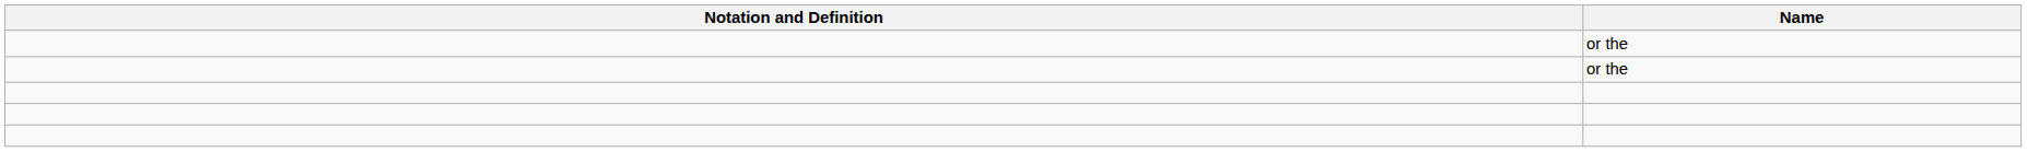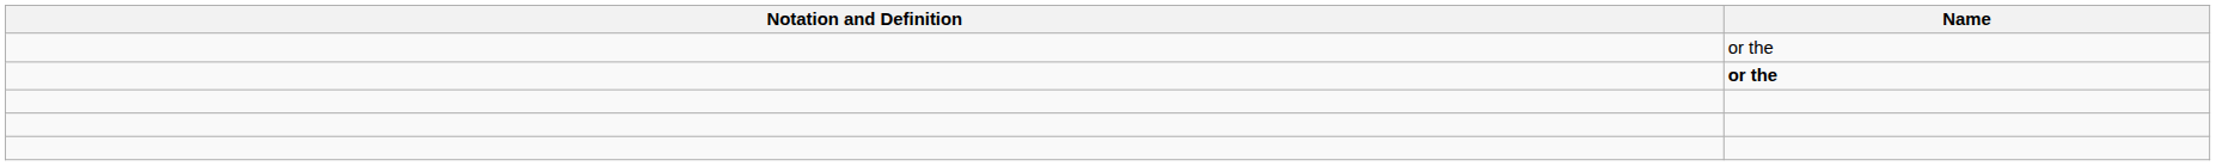 <table class="wikitable" style="width: 100%;">
 <tr>
 <th>Notation and Definition</th>
 <th>Name</th>
 </tr>
 <tr>
 <td style="padding:0.5% 0 0.5% 2em;"></td>
 <td> or the </td>
 </tr>
 <tr>
 <td style="padding:0.5% 0 0.5% 2em;"></td>
-<td> or the </td>
+<td><strong> or the </strong></td>
 </tr>
 <tr>
 <td style="padding:0.5% 0 0.5% 2em;"></td>
 <td></td>
 </tr>
 <tr>
 <td style="padding:0.5% 0 0.5% 2em;"></td>
 <td></td>
 </tr>
 <tr>
 <td style="padding:0.5% 0 0.5% 2em;"></td>
 <td></td>
 </tr>
 </table>
